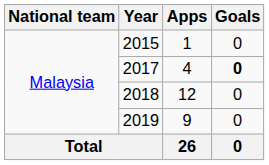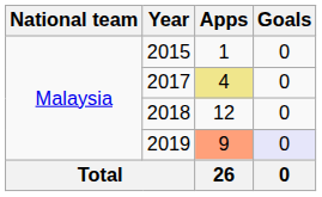 <table class=wikitable style="text-align: center;">
 <tr>
 <th>National team</th>
 <th>Year</th>
 <th>Apps</th>
 <th>Goals</th>
 </tr>
 <tr>
 <td rowspan=4><a href='#'>Malaysia</a></td>
 <td>2015</td>
 <td>1</td>
 <td>0</td>
 </tr>
 <tr>
 <td>2017</td>
-<td>4</td>
-<td><strong>0</strong></td>
+<td style="background: khaki;">4</td>
+<td>0</td>
 </tr>
 <tr>
 <td>2018</td>
 <td>12</td>
 <td>0</td>
 </tr>
 <tr>
 <td>2019</td>
-<td>9</td>
-<td>0</td>
+<td style="background: lightsalmon;">9</td>
+<td style="background: lavender;">0</td>
 </tr>
 <tr>
 <th colspan=2>Total</th>
 <th>26</th>
 <th>0</th>
 </tr>
 </table>
